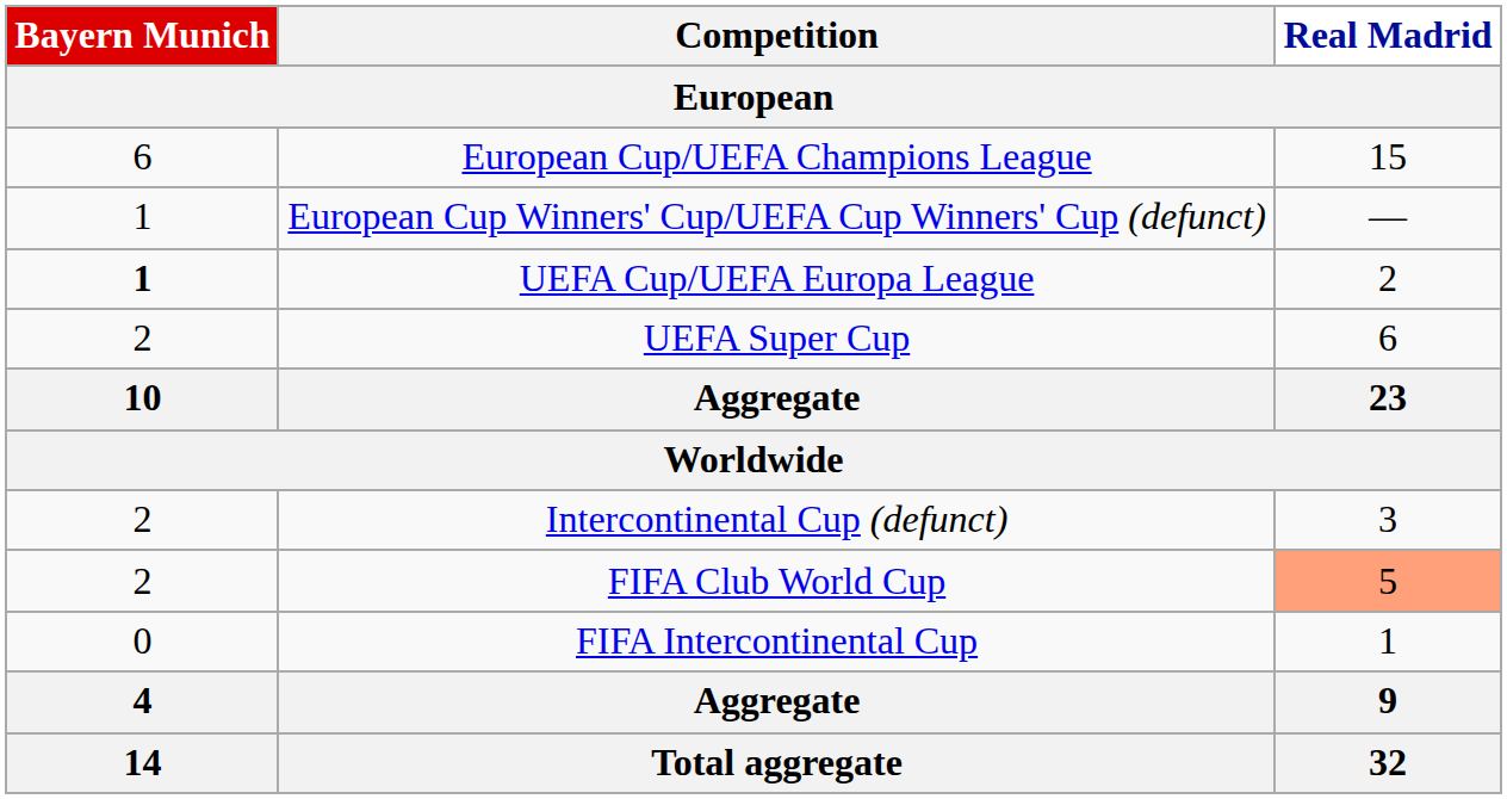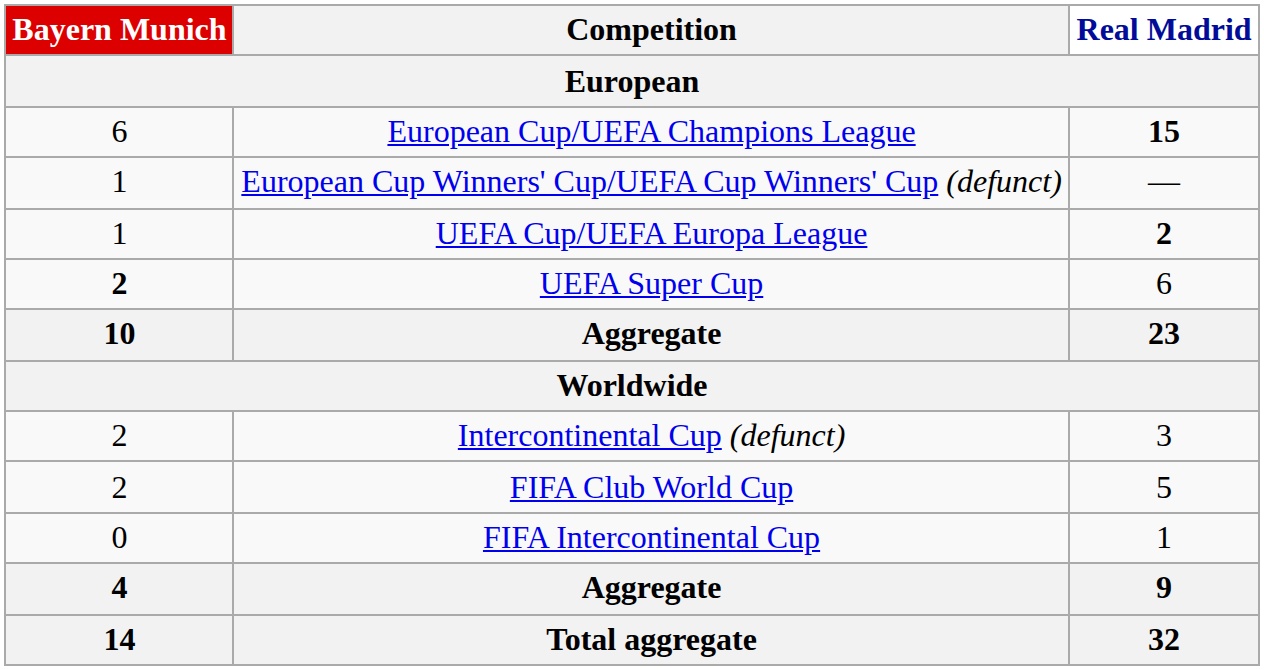 <table class="wikitable sortable"  style="width:auto; margin:auto;">
 <tr>
 <th style="color:#ffffff; background-color:#dd0000;">Bayern Munich</th>
 <th>Competition</th>
 <th style="color:#000c99; background-color:#fff;">Real Madrid</th>
 </tr>
 <tr style="text-align:center;">
 <th colspan="4">European</th>
 </tr>
 <tr style="text-align:center;">
 <td>6</td>
 <td><a href='#'>European Cup/UEFA Champions League</a></td>
-<td>15</td>
+<td><strong>15</strong></td>
 </tr>
 <tr style="text-align:center;">
 <td>1</td>
 <td><a href='#'>European Cup Winners' Cup/UEFA Cup Winners' Cup</a> <em>(defunct)</em></td>
 <td>—</td>
 </tr>
 <tr style="text-align:center;">
-<td><strong>1</strong></td>
+<td>1</td>
 <td><a href='#'>UEFA Cup/UEFA Europa League</a></td>
-<td>2</td>
+<td><strong>2</strong></td>
 </tr>
 <tr style="text-align:center;">
-<td>2</td>
+<td><strong>2</strong></td>
 <td><a href='#'>UEFA Super Cup</a></td>
 <td>6</td>
 </tr>
 <tr align="center">
 <th>10</th>
 <th>Aggregate</th>
 <th>23</th>
 </tr>
 <tr style="text-align:center;">
 <th colspan="3">Worldwide</th>
 </tr>
 <tr style="text-align:center;">
 <td>2</td>
 <td><a href='#'>Intercontinental Cup</a> <em>(defunct)</em></td>
 <td>3</td>
 </tr>
 <tr style="text-align:center;">
 <td>2</td>
 <td><a href='#'>FIFA Club World Cup</a></td>
-<td style="background: lightsalmon;">5</td>
+<td>5</td>
 </tr>
 <tr style="text-align:center;">
 <td>0</td>
 <td><a href='#'>FIFA Intercontinental Cup</a></td>
 <td>1</td>
 </tr>
 <tr align="center">
 <th>4</th>
 <th>Aggregate</th>
 <th>9</th>
 </tr>
 <tr align="center">
 <th>14</th>
 <th>Total aggregate</th>
 <th>32</th>
 </tr>
 </table>
